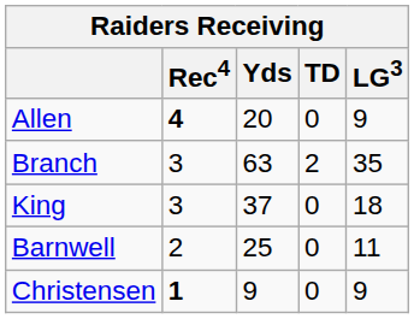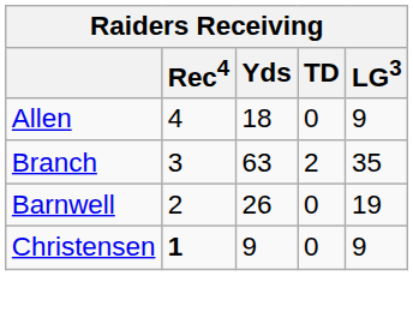 <table class="wikitable">
 <tr>
 <th colspan="5">Raiders Receiving</th>
 </tr>
 <tr>
 <th></th>
 <th>Rec<sup>4</sup></th>
 <th>Yds</th>
 <th>TD</th>
 <th>LG<sup>3</sup></th>
 </tr>
 <tr>
 <td><a href='#'>Allen</a></td>
-<td><strong>4</strong></td>
-<td>20</td>
+<td>4</td>
+<td>18</td>
 <td>0</td>
 <td>9</td>
 </tr>
 <tr>
 <td><a href='#'>Branch</a></td>
 <td>3</td>
 <td>63</td>
 <td>2</td>
 <td>35</td>
 </tr>
 <tr>
-<td><a href='#'>King</a></td>
-<td>3</td>
-<td>37</td>
-<td>0</td>
-<td>18</td>
-</tr>
-<tr>
 <td><a href='#'>Barnwell</a></td>
 <td>2</td>
-<td>25</td>
+<td>26</td>
 <td>0</td>
-<td>11</td>
+<td>19</td>
 </tr>
 <tr>
 <td><a href='#'>Christensen</a></td>
 <td><strong>1</strong></td>
 <td>9</td>
 <td>0</td>
 <td>9</td>
 </tr>
 </table>
